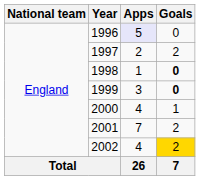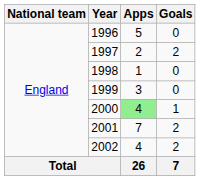 <table class=wikitable style="text-align: center">
 <tr>
 <th>National team</th>
 <th>Year</th>
 <th>Apps</th>
 <th>Goals</th>
 </tr>
 <tr>
 <td rowspan="7"><a href='#'>England</a></td>
 <td>1996</td>
-<td style="background: lavender;">5</td>
+<td>5</td>
 <td>0</td>
 </tr>
 <tr>
 <td>1997</td>
 <td>2</td>
 <td>2</td>
 </tr>
 <tr>
 <td>1998</td>
 <td>1</td>
-<td><strong>0</strong></td>
+<td>0</td>
 </tr>
 <tr>
 <td>1999</td>
 <td>3</td>
-<td><strong>0</strong></td>
+<td>0</td>
 </tr>
 <tr>
 <td>2000</td>
-<td>4</td>
+<td style="background: lightgreen;">4</td>
 <td>1</td>
 </tr>
 <tr>
 <td>2001</td>
 <td>7</td>
 <td>2</td>
 </tr>
 <tr>
 <td>2002</td>
 <td>4</td>
-<td style="background: gold;">2</td>
+<td>2</td>
 </tr>
 <tr>
 <th colspan="2">Total</th>
 <th>26</th>
 <th>7</th>
 </tr>
 </table>
